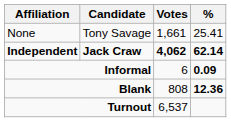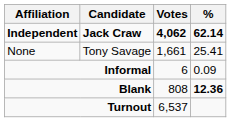 <table class="wikitable col3right col4right" style="font-size:90%">
 <tr>
 <th>Affiliation</th>
 <th>Candidate</th>
 <th>Votes</th>
 <th>%</th>
 </tr>
 <tr>
+<td><strong>Independent</strong></td>
+<td><strong>Jack Craw</strong></td>
+<td><strong>4,062</strong></td>
+<td><strong>62.14</strong></td>
+</tr>
+<tr>
 <td>None</td>
 <td>Tony Savage</td>
 <td>1,661</td>
 <td>25.41</td>
 </tr>
 <tr>
-<td><strong>Independent</strong></td>
-<td><strong>Jack Craw</strong></td>
-<td><strong>4,062</strong></td>
-<td><strong>62.14</strong></td>
-</tr>
-<tr>
 <td colspan="2" style="text-align:right"><strong>Informal</strong></td>
 <td style="text-align:right">6</td>
-<td><strong>0.09</strong></td>
+<td>0.09</td>
 </tr>
 <tr>
 <td colspan="2" style="text-align:right"><strong>Blank</strong></td>
 <td style="text-align:right">808</td>
 <td><strong>12.36</strong></td>
 </tr>
 <tr>
 <td colspan="2" style="text-align:right"><strong>Turnout</strong></td>
 <td style="text-align:right">6,537</td>
 <td></td>
 </tr>
 </table>
